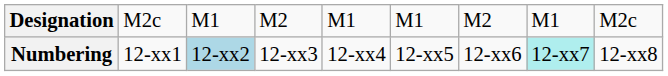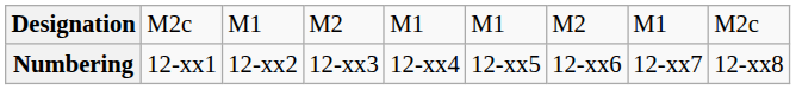 <table class="wikitable">
 <tr>
 <th>Designation</th>
 <td>M2c</td>
 <td>M1</td>
 <td>M2</td>
 <td>M1</td>
 <td>M1</td>
 <td>M2</td>
 <td>M1</td>
 <td>M2c</td>
 </tr>
 <tr>
 <th>Numbering</th>
 <td>12-xx1</td>
-<td style="background: lightblue;">12-xx2</td>
+<td>12-xx2</td>
 <td>12-xx3</td>
 <td>12-xx4</td>
 <td>12-xx5</td>
 <td>12-xx6</td>
-<td style="background: paleturquoise;">12-xx7</td>
+<td>12-xx7</td>
 <td>12-xx8</td>
 </tr>
 </table>
